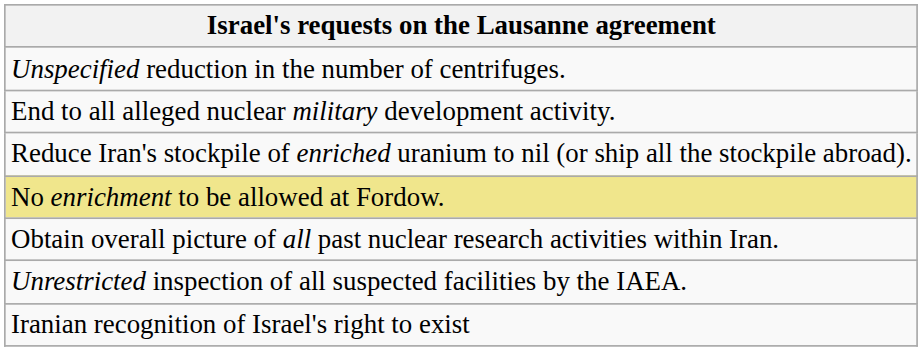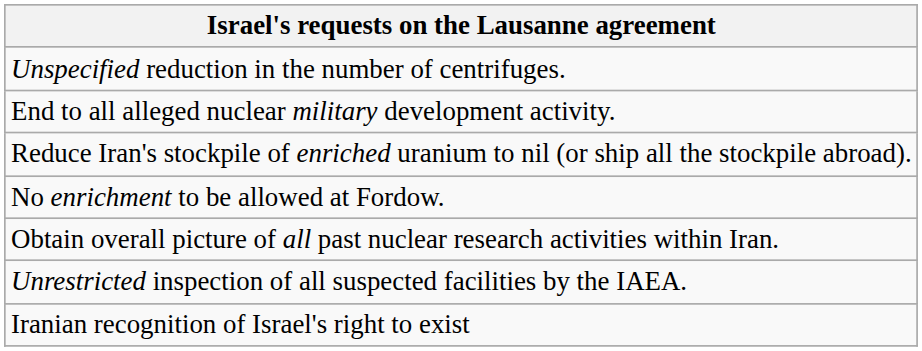 <table class="wikitable">
 <tr>
 <th>Israel's requests on the Lausanne agreement</th>
 </tr>
 <tr>
 <td><em>Unspecified</em> reduction in the number of centrifuges.</td>
 </tr>
 <tr>
 <td>End to all alleged nuclear <em>military</em> development activity.</td>
 </tr>
 <tr>
 <td>Reduce Iran's stockpile of <em>enriched</em> uranium to nil (or ship all the stockpile abroad).</td>
 </tr>
 <tr>
-<td style="background: khaki;">No <em>enrichment</em> to be allowed at Fordow.</td>
+<td>No <em>enrichment</em> to be allowed at Fordow.</td>
 </tr>
 <tr>
 <td>Obtain overall picture of <em>all</em> past nuclear research activities within Iran.</td>
 </tr>
 <tr>
 <td><em>Unrestricted</em> inspection of all suspected facilities by the IAEA.</td>
 </tr>
 <tr>
 <td>Iranian recognition of Israel's right to exist</td>
 </tr>
 </table>
